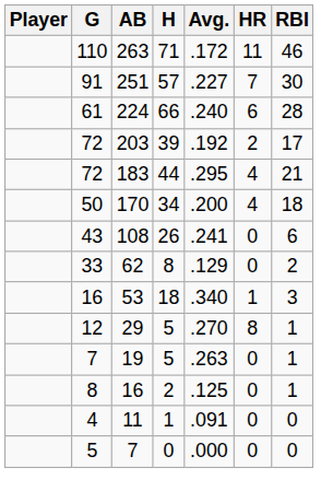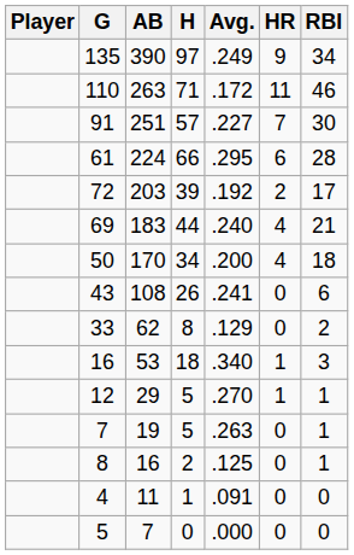 <table class="wikitable sortable">
 <tr>
 <th>Player</th>
 <th>G</th>
 <th>AB</th>
 <th>H</th>
 <th>Avg.</th>
 <th>HR</th>
 <th>RBI</th>
+</tr>
+<tr align="center">
+<td></td>
+<td>135</td>
+<td>390</td>
+<td>97</td>
+<td>.249</td>
+<td>9</td>
+<td>34</td>
 </tr>
 <tr align="center">
 <td></td>
 <td>110</td>
 <td>263</td>
 <td>71</td>
 <td>.172</td>
 <td>11</td>
 <td>46</td>
 </tr>
 <tr align="center">
 <td></td>
 <td>91</td>
 <td>251</td>
 <td>57</td>
 <td>.227</td>
 <td>7</td>
 <td>30</td>
 </tr>
 <tr align="center">
 <td></td>
 <td>61</td>
 <td>224</td>
 <td>66</td>
-<td>.240</td>
+<td>.295</td>
 <td>6</td>
 <td>28</td>
 </tr>
 <tr align="center">
 <td></td>
 <td>72</td>
 <td>203</td>
 <td>39</td>
 <td>.192</td>
 <td>2</td>
 <td>17</td>
 </tr>
 <tr align="center">
 <td></td>
-<td>72</td>
+<td>69</td>
 <td>183</td>
 <td>44</td>
-<td>.295</td>
+<td>.240</td>
 <td>4</td>
 <td>21</td>
 </tr>
 <tr align="center">
 <td></td>
 <td>50</td>
 <td>170</td>
 <td>34</td>
 <td>.200</td>
 <td>4</td>
 <td>18</td>
 </tr>
 <tr align="center">
 <td></td>
 <td>43</td>
 <td>108</td>
 <td>26</td>
 <td>.241</td>
 <td>0</td>
 <td>6</td>
 </tr>
 <tr align="center">
 <td></td>
 <td>33</td>
 <td>62</td>
 <td>8</td>
 <td>.129</td>
 <td>0</td>
 <td>2</td>
 </tr>
 <tr align="center">
 <td></td>
 <td>16</td>
 <td>53</td>
 <td>18</td>
 <td>.340</td>
 <td>1</td>
 <td>3</td>
 </tr>
 <tr align="center">
 <td></td>
 <td>12</td>
 <td>29</td>
 <td>5</td>
 <td>.270</td>
-<td>8</td>
+<td>1</td>
 <td>1</td>
 </tr>
 <tr align="center">
 <td></td>
 <td>7</td>
 <td>19</td>
 <td>5</td>
 <td>.263</td>
 <td>0</td>
 <td>1</td>
 </tr>
 <tr align="center">
 <td></td>
 <td>8</td>
 <td>16</td>
 <td>2</td>
 <td>.125</td>
 <td>0</td>
 <td>1</td>
 </tr>
 <tr align="center">
 <td></td>
 <td>4</td>
 <td>11</td>
 <td>1</td>
 <td>.091</td>
 <td>0</td>
 <td>0</td>
 </tr>
 <tr align="center">
 <td></td>
 <td>5</td>
 <td>7</td>
 <td>0</td>
 <td>.000</td>
 <td>0</td>
 <td>0</td>
 </tr>
 </table>
